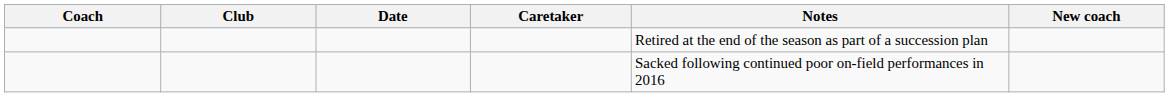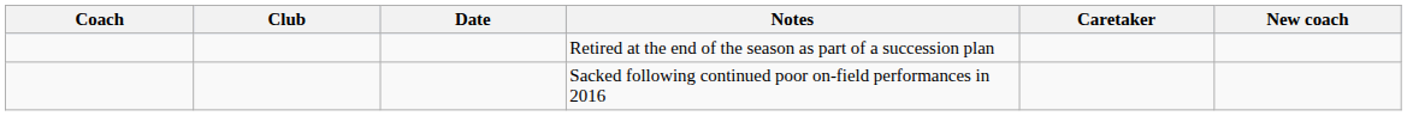 <table class="wikitable plainrowheaders sortable" style="text-align:left;">
 <tr style="background:#C1D8FF;">
 <th scope="col" style="width:12em">Coach</th>
 <th scope="col" style="width:12em">Club</th>
 <th scope="col" style="width:12em">Date</th>
+<th scope="col" style="width:30em">Notes</th>
 <th scope="col" style="width:12em">Caretaker</th>
-<th scope="col" style="width:30em">Notes</th>
 <th scope="col" style="width:12em">New coach</th>
 </tr>
 <tr>
 <td></td>
 <td></td>
 <td></td>
+<td>Retired at the end of the season as part of a succession plan</td>
 <td></td>
-<td>Retired at the end of the season as part of a succession plan</td>
 <td></td>
 </tr>
 <tr>
 <td></td>
 <td></td>
 <td></td>
+<td>Sacked following continued poor on-field performances in 2016</td>
 <td></td>
-<td>Sacked following continued poor on-field performances in 2016</td>
 <td></td>
 </tr>
 </table>
